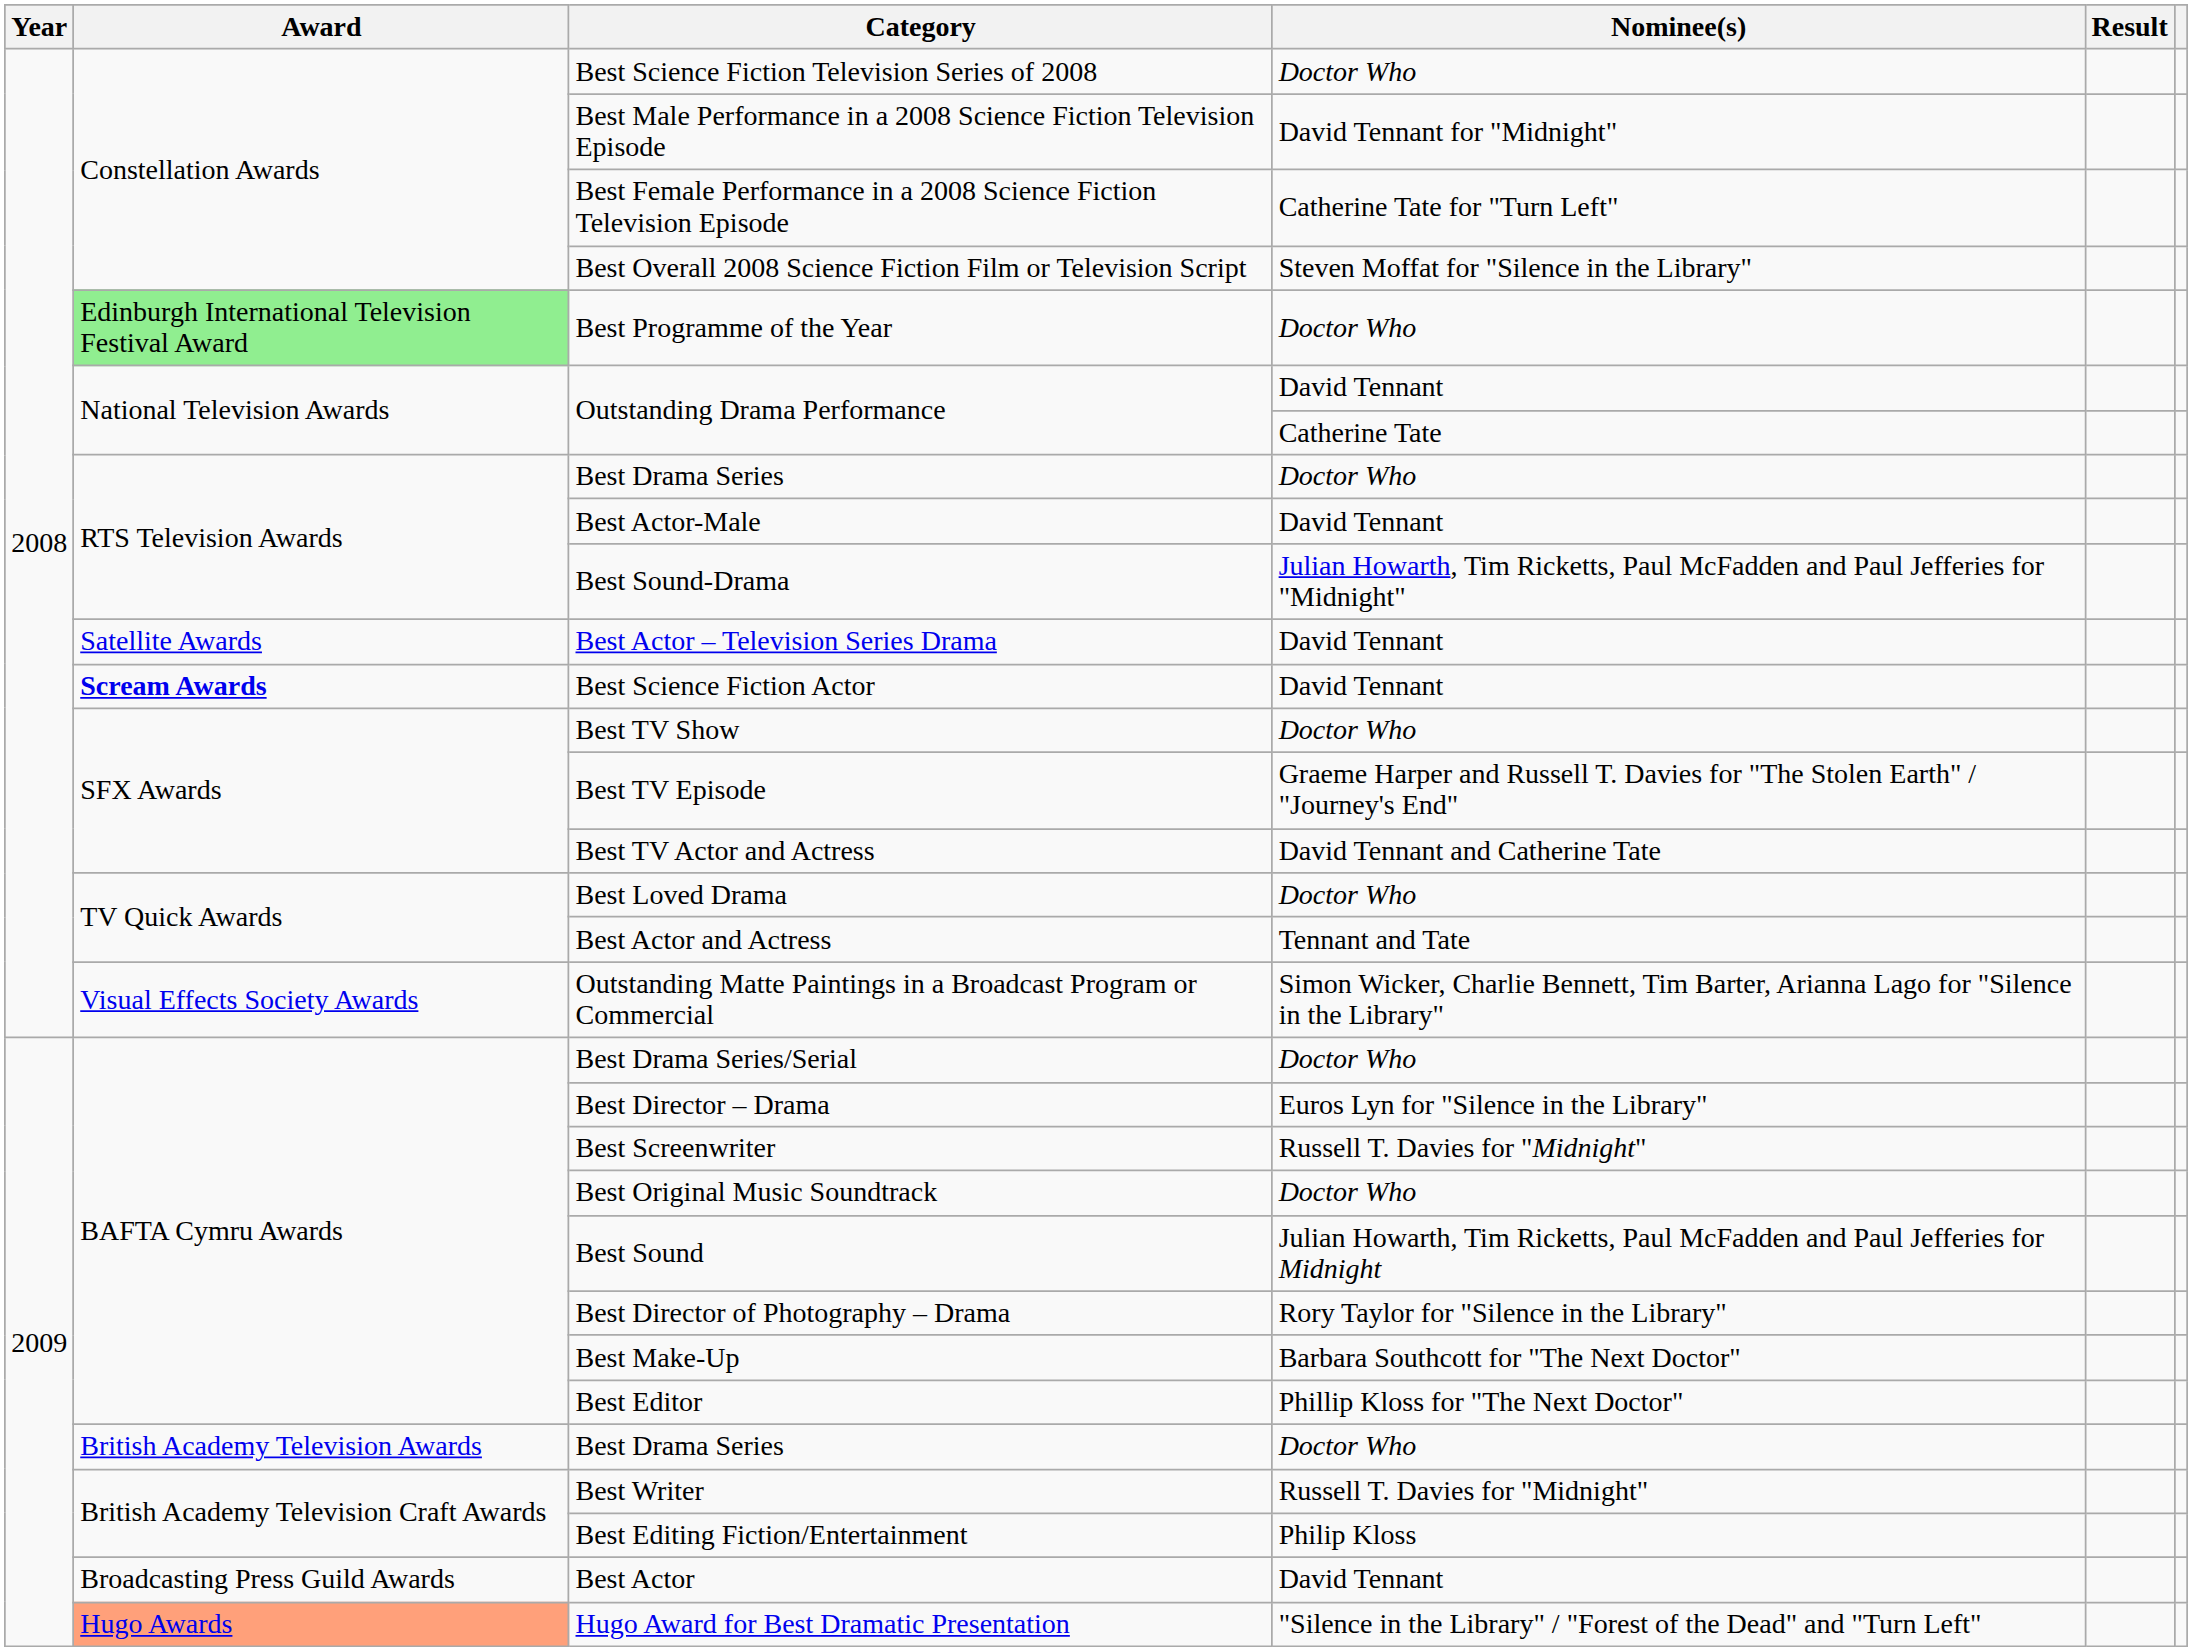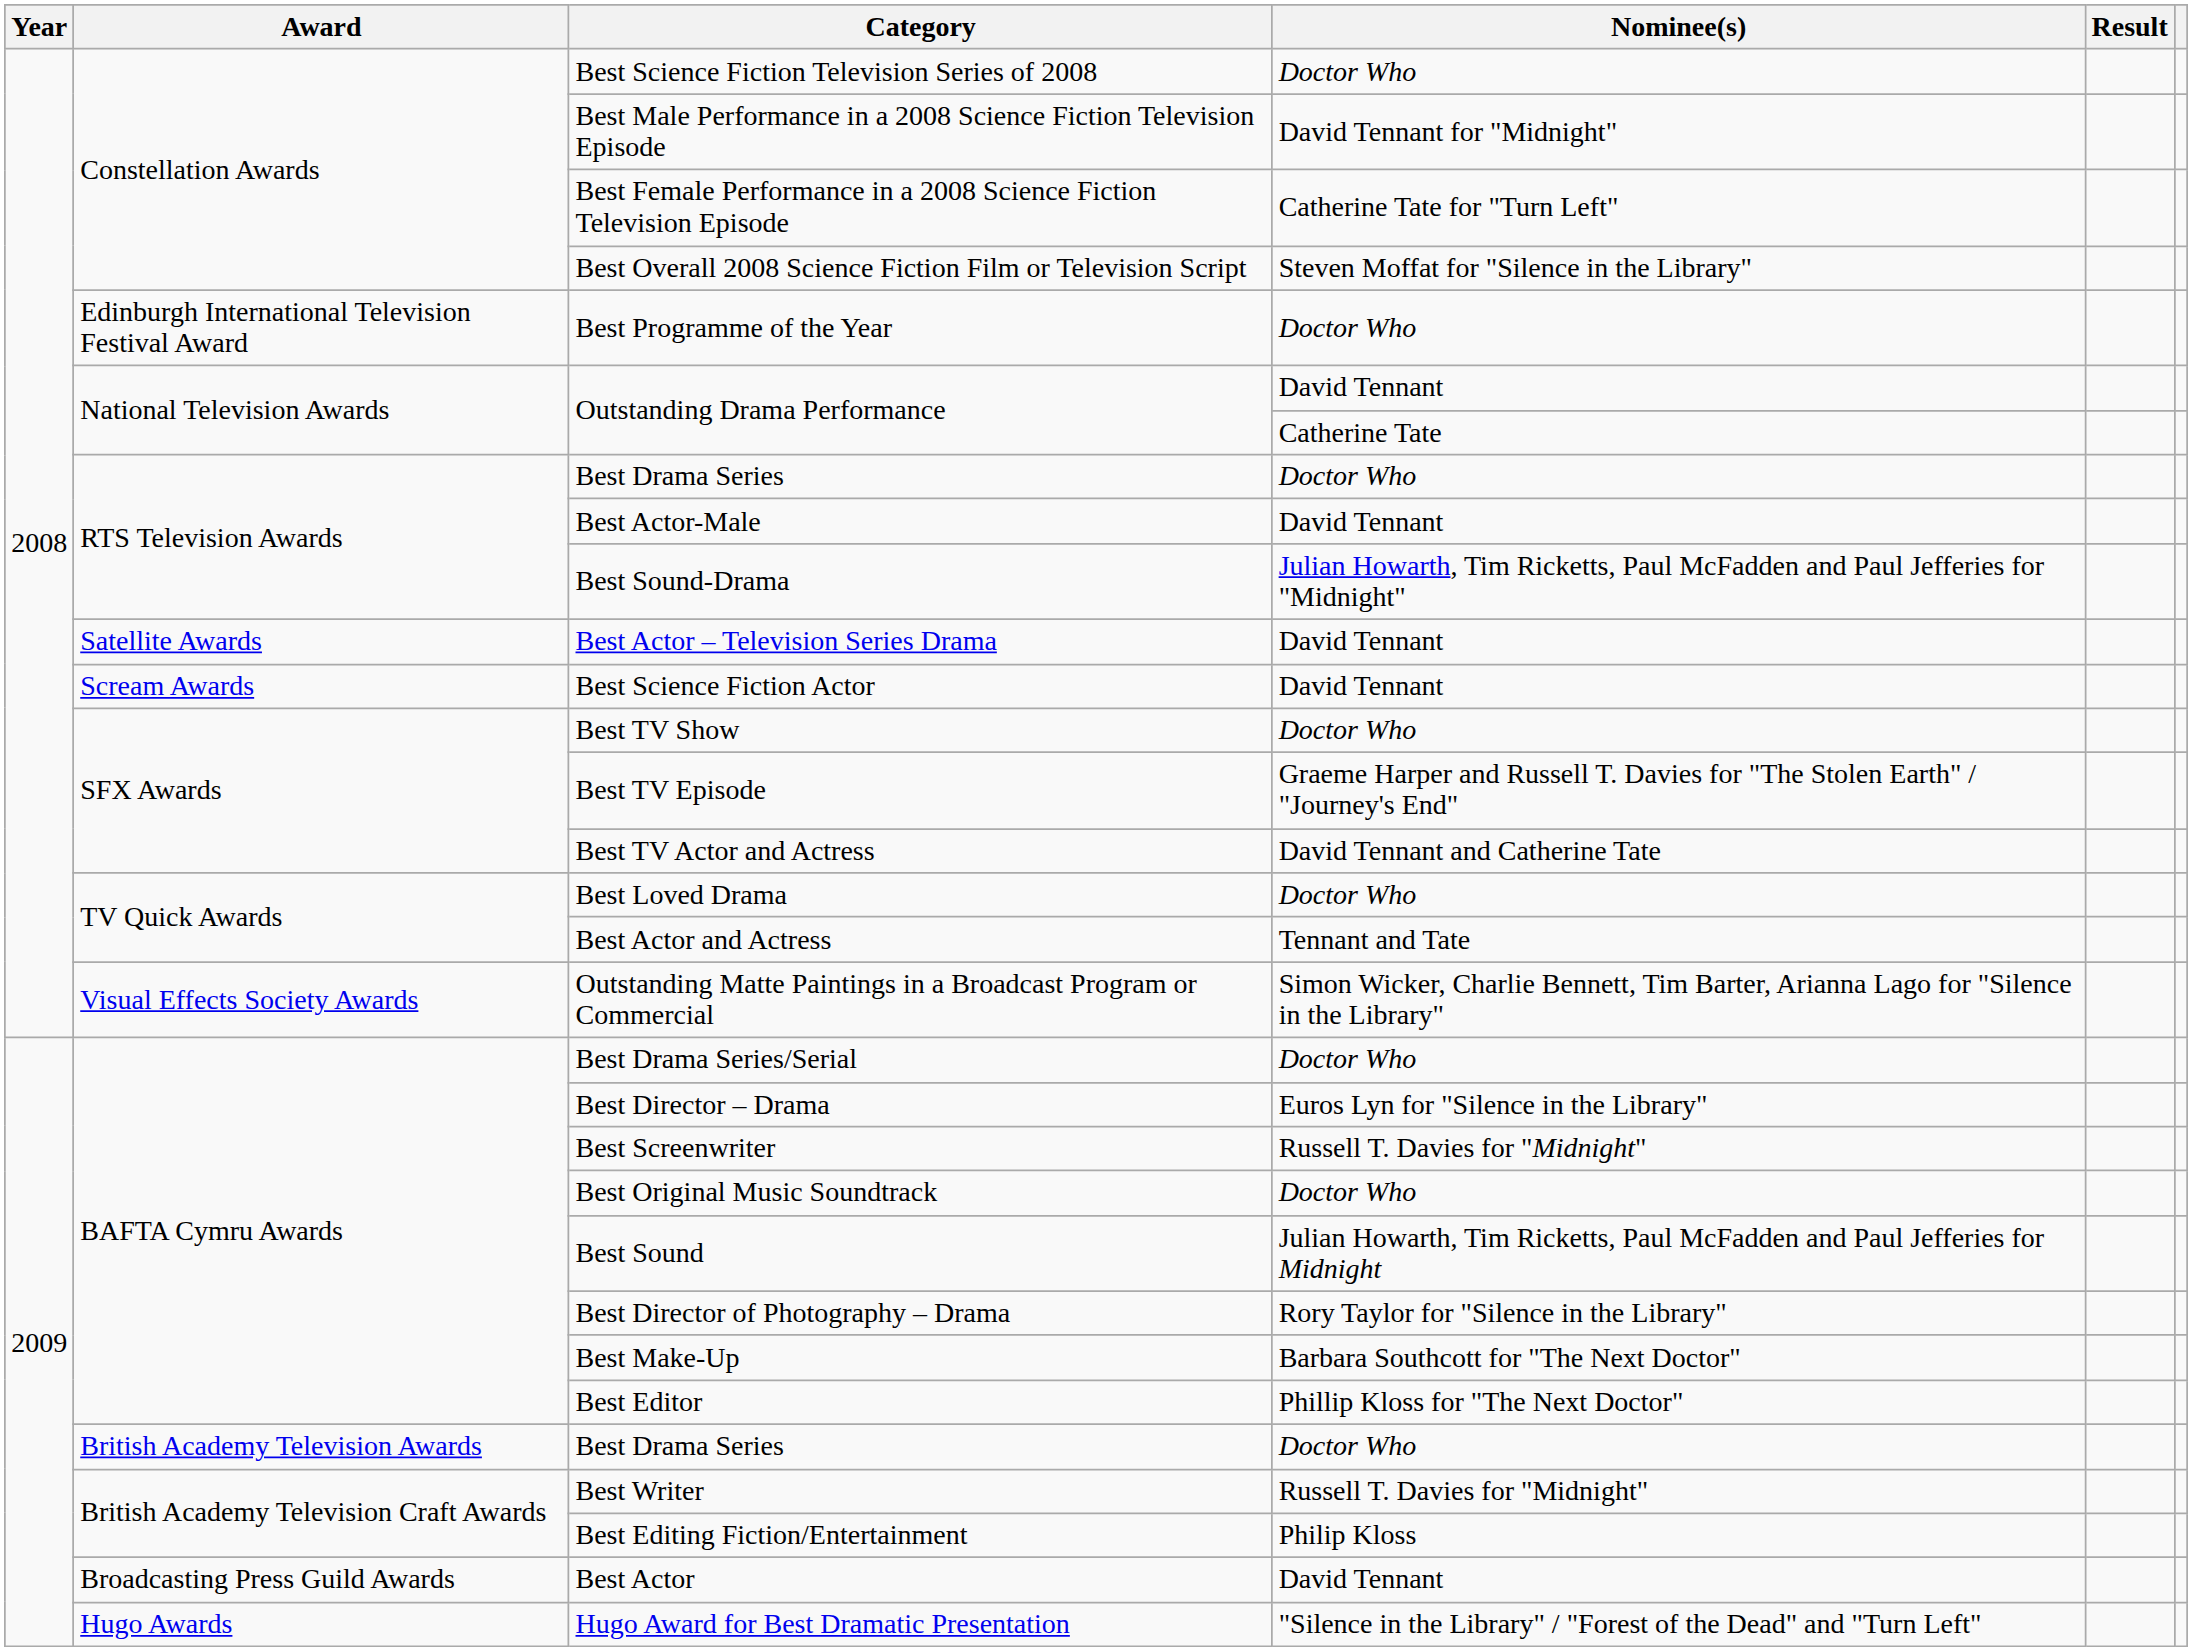 <table class="wikitable sortable">
 <tr>
 <th>Year</th>
 <th>Award</th>
 <th>Category</th>
 <th>Nominee(s)</th>
 <th>Result</th>
 <th class="unsortable"></th>
 </tr>
 <tr>
 <td rowspan="18">2008</td>
 <td rowspan="4">Constellation Awards</td>
 <td>Best Science Fiction Television Series of 2008</td>
 <td><em>Doctor Who</em></td>
 <td></td>
 <td></td>
 </tr>
 <tr>
 <td>Best Male Performance in a 2008 Science Fiction Television Episode</td>
 <td>David Tennant for "Midnight"</td>
 <td></td>
 <td></td>
 </tr>
 <tr>
 <td>Best Female Performance in a 2008 Science Fiction Television Episode</td>
 <td>Catherine Tate for "Turn Left"</td>
 <td></td>
 <td></td>
 </tr>
 <tr>
 <td>Best Overall 2008 Science Fiction Film or Television Script</td>
 <td>Steven Moffat for "Silence in the Library"</td>
 <td></td>
 <td></td>
 </tr>
 <tr>
-<td style="background: lightgreen;">Edinburgh International Television Festival Award</td>
+<td>Edinburgh International Television Festival Award</td>
 <td>Best Programme of the Year</td>
 <td><em>Doctor Who</em></td>
 <td></td>
 <td></td>
 </tr>
 <tr>
 <td rowspan="2">National Television Awards</td>
 <td rowspan="2">Outstanding Drama Performance</td>
 <td>David Tennant</td>
 <td></td>
 <td></td>
 </tr>
 <tr>
 <td>Catherine Tate</td>
 <td></td>
 <td></td>
 </tr>
 <tr>
 <td rowspan="3">RTS Television Awards</td>
 <td>Best Drama Series</td>
 <td><em>Doctor Who</em></td>
 <td></td>
 <td></td>
 </tr>
 <tr>
 <td>Best Actor-Male</td>
 <td>David Tennant</td>
 <td></td>
 <td></td>
 </tr>
 <tr>
 <td>Best Sound-Drama</td>
 <td><a href='#'>Julian Howarth</a>, Tim Ricketts, Paul McFadden and Paul Jefferies for "Midnight"</td>
 <td></td>
 <td></td>
 </tr>
 <tr>
 <td><a href='#'>Satellite Awards</a></td>
 <td><a href='#'>Best Actor – Television Series Drama</a></td>
 <td>David Tennant</td>
 <td></td>
 <td></td>
 </tr>
 <tr>
-<td><strong><a href='#'>Scream Awards</a></strong></td>
+<td><a href='#'>Scream Awards</a></td>
 <td>Best Science Fiction Actor</td>
 <td>David Tennant</td>
 <td></td>
 <td></td>
 </tr>
 <tr>
 <td rowspan="3">SFX Awards</td>
 <td>Best TV Show</td>
 <td><em>Doctor Who</em></td>
 <td></td>
 <td></td>
 </tr>
 <tr>
 <td>Best TV Episode</td>
 <td>Graeme Harper and Russell T. Davies for "The Stolen Earth" / "Journey's End"</td>
 <td></td>
 <td></td>
 </tr>
 <tr>
 <td>Best TV Actor and Actress</td>
 <td>David Tennant and Catherine Tate</td>
 <td></td>
 <td></td>
 </tr>
 <tr>
 <td rowspan="2">TV Quick Awards</td>
 <td>Best Loved Drama</td>
 <td><em>Doctor Who</em></td>
 <td></td>
 <td></td>
 </tr>
 <tr>
 <td>Best Actor and Actress</td>
 <td>Tennant and Tate</td>
 <td></td>
 <td></td>
 </tr>
 <tr>
 <td><a href='#'>Visual Effects Society Awards</a></td>
 <td>Outstanding Matte Paintings in a Broadcast Program or Commercial</td>
 <td>Simon Wicker, Charlie Bennett, Tim Barter, Arianna Lago for "Silence in the Library"</td>
 <td></td>
 <td></td>
 </tr>
 <tr>
 <td rowspan="13">2009</td>
 <td rowspan="8">BAFTA Cymru Awards</td>
 <td>Best Drama Series/Serial</td>
 <td><em>Doctor Who</em></td>
 <td></td>
 <td></td>
 </tr>
 <tr>
 <td>Best Director – Drama</td>
 <td>Euros Lyn for "Silence in the Library"</td>
 <td></td>
 <td></td>
 </tr>
 <tr>
 <td>Best Screenwriter</td>
 <td>Russell T. Davies for "<em>Midnight</em>"</td>
 <td></td>
 <td></td>
 </tr>
 <tr>
 <td>Best Original Music Soundtrack</td>
 <td><em>Doctor Who</em></td>
 <td></td>
 <td></td>
 </tr>
 <tr>
 <td>Best Sound</td>
 <td>Julian Howarth, Tim Ricketts, Paul McFadden and Paul Jefferies for <em>Midnight</em></td>
 <td></td>
 <td></td>
 </tr>
 <tr>
 <td>Best Director of Photography – Drama</td>
 <td>Rory Taylor for "Silence in the Library"</td>
 <td></td>
 <td></td>
 </tr>
 <tr>
 <td>Best Make-Up</td>
 <td>Barbara Southcott for "The Next Doctor"</td>
 <td></td>
 <td></td>
 </tr>
 <tr>
 <td>Best Editor</td>
 <td>Phillip Kloss for "The Next Doctor"</td>
 <td></td>
 <td></td>
 </tr>
 <tr>
 <td><a href='#'>British Academy Television Awards</a></td>
 <td>Best Drama Series</td>
 <td><em>Doctor Who</em></td>
 <td></td>
 <td></td>
 </tr>
 <tr>
 <td rowspan="2">British Academy Television Craft Awards</td>
 <td>Best Writer</td>
 <td>Russell T. Davies for "Midnight"</td>
 <td></td>
 <td></td>
 </tr>
 <tr>
 <td>Best Editing Fiction/Entertainment</td>
 <td>Philip Kloss</td>
 <td></td>
 <td></td>
 </tr>
 <tr>
 <td>Broadcasting Press Guild Awards</td>
 <td>Best Actor</td>
 <td>David Tennant</td>
 <td></td>
 <td></td>
 </tr>
 <tr>
-<td style="background: lightsalmon;"><a href='#'>Hugo Awards</a></td>
+<td><a href='#'>Hugo Awards</a></td>
 <td><a href='#'>Hugo Award for Best Dramatic Presentation</a></td>
 <td>"Silence in the Library" / "Forest of the Dead" and "Turn Left"</td>
 <td></td>
 <td></td>
 </tr>
 </table>
